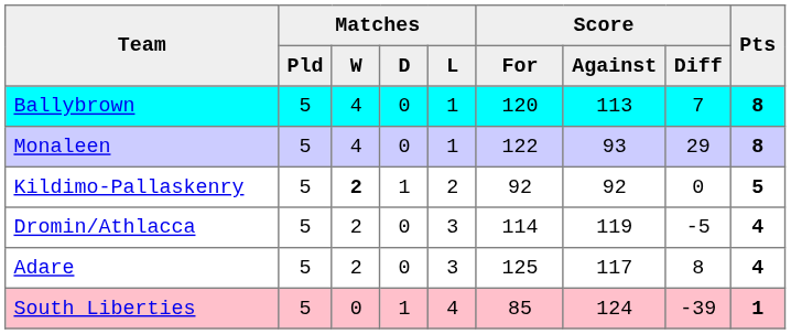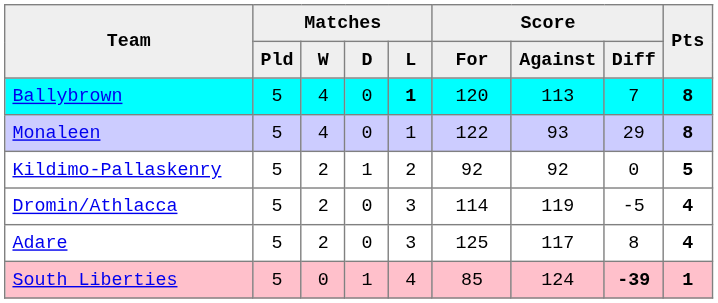 <table style=border-collapse:collapse border=1 cellspacing=0 cellpadding=5>
 <tr align=center bgcolor=#efefef>
 <th rowspan=2 width=165>Team</th>
 <th colspan=4>Matches</th>
 <th colspan=3>Score</th>
 <th rowspan=2width=20>Pts</th>
 </tr>
 <tr align=center bgcolor=#efefef>
 <th width=20>Pld</th>
 <th width=20>W</th>
 <th width=20>D</th>
 <th width=20>L</th>
 <th width=45>For</th>
 <th width=45>Against</th>
 <th width=30>Diff</th>
 </tr>
 <tr align=center style="background:#00FFFF;">
 <td style="text-align:left;"><a href='#'>Ballybrown</a></td>
 <td>5</td>
 <td>4</td>
 <td>0</td>
-<td>1</td>
+<td><strong>1</strong></td>
 <td>120</td>
 <td>113</td>
 <td>7</td>
 <td><strong>8</strong></td>
 </tr>
 <tr align=center style="background:#ccccff;">
 <td style="text-align:left;"><a href='#'>Monaleen</a></td>
 <td>5</td>
 <td>4</td>
 <td>0</td>
 <td>1</td>
 <td>122</td>
 <td>93</td>
 <td>29</td>
 <td><strong>8</strong></td>
 </tr>
 <tr align=center>
 <td style="text-align:left;"><a href='#'>Kildimo-Pallaskenry</a></td>
 <td>5</td>
-<td><strong>2</strong></td>
+<td>2</td>
 <td>1</td>
 <td>2</td>
 <td>92</td>
 <td>92</td>
 <td>0</td>
 <td><strong>5</strong></td>
 </tr>
 <tr align=center>
 <td style="text-align:left;"><a href='#'>Dromin/Athlacca</a></td>
 <td>5</td>
 <td>2</td>
 <td>0</td>
 <td>3</td>
 <td>114</td>
 <td>119</td>
 <td>-5</td>
 <td><strong>4</strong></td>
 </tr>
 <tr align=center>
 <td style="text-align:left;"><a href='#'>Adare</a></td>
 <td>5</td>
 <td>2</td>
 <td>0</td>
 <td>3</td>
 <td>125</td>
 <td>117</td>
 <td>8</td>
 <td><strong>4</strong></td>
 </tr>
 <tr align=center style="background:#FFC0CB;">
 <td style="text-align:left;"><a href='#'>South Liberties</a></td>
 <td>5</td>
 <td>0</td>
 <td>1</td>
 <td>4</td>
 <td>85</td>
 <td>124</td>
-<td>-39</td>
+<td><strong>-39</strong></td>
 <td><strong>1</strong></td>
 </tr>
 </table>
